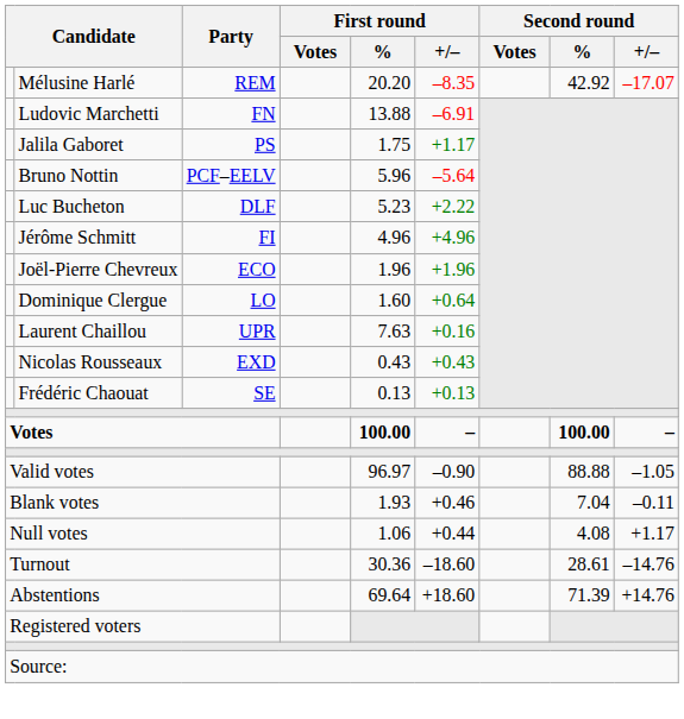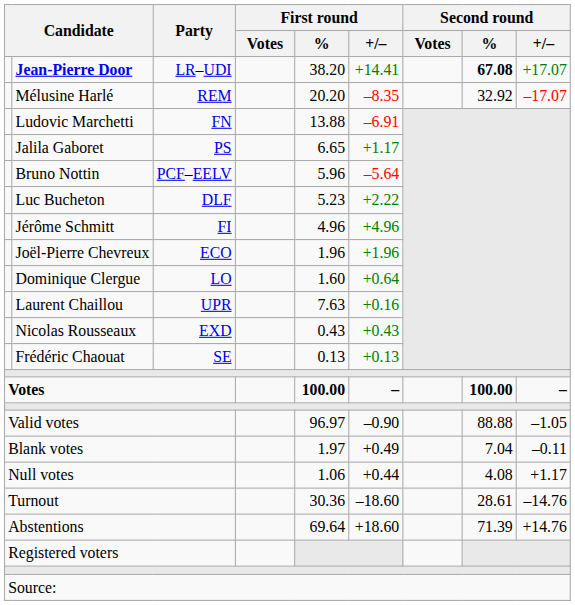 <table class="wikitable" style="text-align:right;font-size:95%;">
 <tr>
 <th rowspan="2" colspan="2">Candidate</th>
 <th rowspan="2">Party</th>
 <th colspan="3">First round</th>
 <th colspan="3">Second round</th>
 </tr>
 <tr>
 <th style="width:50px;">Votes</th>
 <th style="width:45px;">%</th>
 <th style="width:45px;">+/–</th>
 <th style="width:50px;">Votes</th>
 <th style="width:45px;">%</th>
 <th style="width:45px;">+/–</th>
 </tr>
 <tr>
 <td style="color:inherit;background:"></td>
+<td style="text-align:left;"><strong><a href='#'>Jean-Pierre Door</a></strong></td>
+<td><a href='#'>LR</a>–<a href='#'>UDI</a></td>
+<td></td>
+<td>38.20</td>
+<td style="color:green;">+14.41</td>
+<td><strong></strong></td>
+<td><strong>67.08</strong></td>
+<td style="color:green;">+17.07</td>
+</tr>
+<tr>
+<td style="color:inherit;background:"></td>
 <td style="text-align:left;">Mélusine Harlé</td>
 <td><a href='#'>REM</a></td>
 <td></td>
 <td>20.20</td>
 <td style="color:red;">–8.35</td>
 <td></td>
-<td>42.92</td>
+<td>32.92</td>
 <td style="color:red;">–17.07</td>
 </tr>
 <tr>
 <td style="color:inherit;background:"></td>
 <td style="text-align:left;">Ludovic Marchetti</td>
 <td><a href='#'>FN</a></td>
 <td></td>
 <td>13.88</td>
 <td style="color:red;">–6.91</td>
 <td colspan="3" rowspan="10" style="background:#E9E9E9;"></td>
 </tr>
 <tr>
 <td style="color:inherit;background:"></td>
 <td style="text-align:left;">Jalila Gaboret</td>
 <td><a href='#'>PS</a></td>
 <td></td>
-<td>1.75</td>
+<td>6.65</td>
 <td style="color:green;">+1.17</td>
 </tr>
 <tr>
 <td style="color:inherit;background:"></td>
 <td style="text-align:left;">Bruno Nottin</td>
 <td><a href='#'>PCF</a>–<a href='#'>EELV</a></td>
 <td></td>
 <td>5.96</td>
 <td style="color:red;">–5.64</td>
 </tr>
 <tr>
 <td style="color:inherit;background:"></td>
 <td style="text-align:left;">Luc Bucheton</td>
 <td><a href='#'>DLF</a></td>
 <td></td>
 <td>5.23</td>
 <td style="color:green;">+2.22</td>
 </tr>
 <tr>
 <td style="color:inherit;background:"></td>
 <td style="text-align:left;">Jérôme Schmitt</td>
 <td><a href='#'>FI</a></td>
 <td></td>
 <td>4.96</td>
 <td style="color:green;">+4.96</td>
 </tr>
 <tr>
 <td style="color:inherit;background:"></td>
 <td style="text-align:left;">Joël-Pierre Chevreux</td>
 <td><a href='#'>ECO</a></td>
 <td></td>
 <td>1.96</td>
 <td style="color:green;">+1.96</td>
 </tr>
 <tr>
 <td style="color:inherit;background:"></td>
 <td style="text-align:left;">Dominique Clergue</td>
 <td><a href='#'>LO</a></td>
 <td></td>
 <td>1.60</td>
 <td style="color:green;">+0.64</td>
 </tr>
 <tr>
 <td style="color:inherit;background:"></td>
 <td style="text-align:left;">Laurent Chaillou</td>
 <td><a href='#'>UPR</a></td>
 <td></td>
 <td>7.63</td>
 <td style="color:green;">+0.16</td>
 </tr>
 <tr>
 <td style="color:inherit;background:"></td>
 <td style="text-align:left;">Nicolas Rousseaux</td>
 <td><a href='#'>EXD</a></td>
 <td></td>
 <td>0.43</td>
 <td style="color:green;">+0.43</td>
 </tr>
 <tr>
 <td style="color:inherit;background:"></td>
 <td style="text-align:left;">Frédéric Chaouat</td>
 <td><a href='#'>SE</a></td>
 <td></td>
 <td>0.13</td>
 <td style="color:green;">+0.13</td>
 </tr>
 <tr>
 <td colspan="9" style="background:#E9E9E9;"></td>
 </tr>
 <tr style="font-weight:bold;">
 <td colspan="3" style="text-align:left;">Votes</td>
 <td></td>
 <td>100.00</td>
 <td>–</td>
 <td></td>
 <td>100.00</td>
 <td>–</td>
 </tr>
 <tr>
 <td colspan="9" style="background:#E9E9E9;"></td>
 </tr>
 <tr>
 <td colspan="3" style="text-align:left;">Valid votes</td>
 <td></td>
 <td>96.97</td>
 <td>–0.90</td>
 <td></td>
 <td>88.88</td>
 <td>–1.05</td>
 </tr>
 <tr>
 <td colspan="3" style="text-align:left;">Blank votes</td>
 <td></td>
-<td>1.93</td>
-<td>+0.46</td>
+<td>1.97</td>
+<td>+0.49</td>
 <td></td>
 <td>7.04</td>
 <td>–0.11</td>
 </tr>
 <tr>
 <td colspan="3" style="text-align:left;">Null votes</td>
 <td></td>
 <td>1.06</td>
 <td>+0.44</td>
 <td></td>
 <td>4.08</td>
 <td>+1.17</td>
 </tr>
 <tr>
 <td colspan="3" style="text-align:left;">Turnout</td>
 <td></td>
 <td>30.36</td>
 <td>–18.60</td>
 <td></td>
 <td>28.61</td>
 <td>–14.76</td>
 </tr>
 <tr>
 <td colspan="3" style="text-align:left;">Abstentions</td>
 <td></td>
 <td>69.64</td>
 <td>+18.60</td>
 <td></td>
 <td>71.39</td>
 <td>+14.76</td>
 </tr>
 <tr>
 <td colspan="3" style="text-align:left;">Registered voters</td>
 <td></td>
 <td colspan="2" style="background:#E9E9E9;"></td>
 <td></td>
 <td colspan="2" style="background:#E9E9E9;"></td>
 </tr>
 <tr>
 <td colspan="9" style="background:#E9E9E9;"></td>
 </tr>
 <tr>
 <td colspan="9" style="text-align:left;">Source: </td>
 </tr>
 </table>
